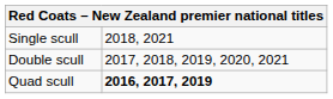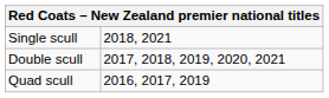 <table class="wikitable">
 <tr>
 <th colspan=2> Red Coats – New Zealand premier national titles</th>
 </tr>
 <tr>
 <td>Single scull</td>
 <td>2018, 2021</td>
 </tr>
 <tr>
 <td>Double scull</td>
 <td>2017, 2018, 2019, 2020, 2021</td>
 </tr>
 <tr>
 <td>Quad scull</td>
-<td><strong>2016, 2017, 2019</strong></td>
+<td>2016, 2017, 2019</td>
 </tr>
 </table>
